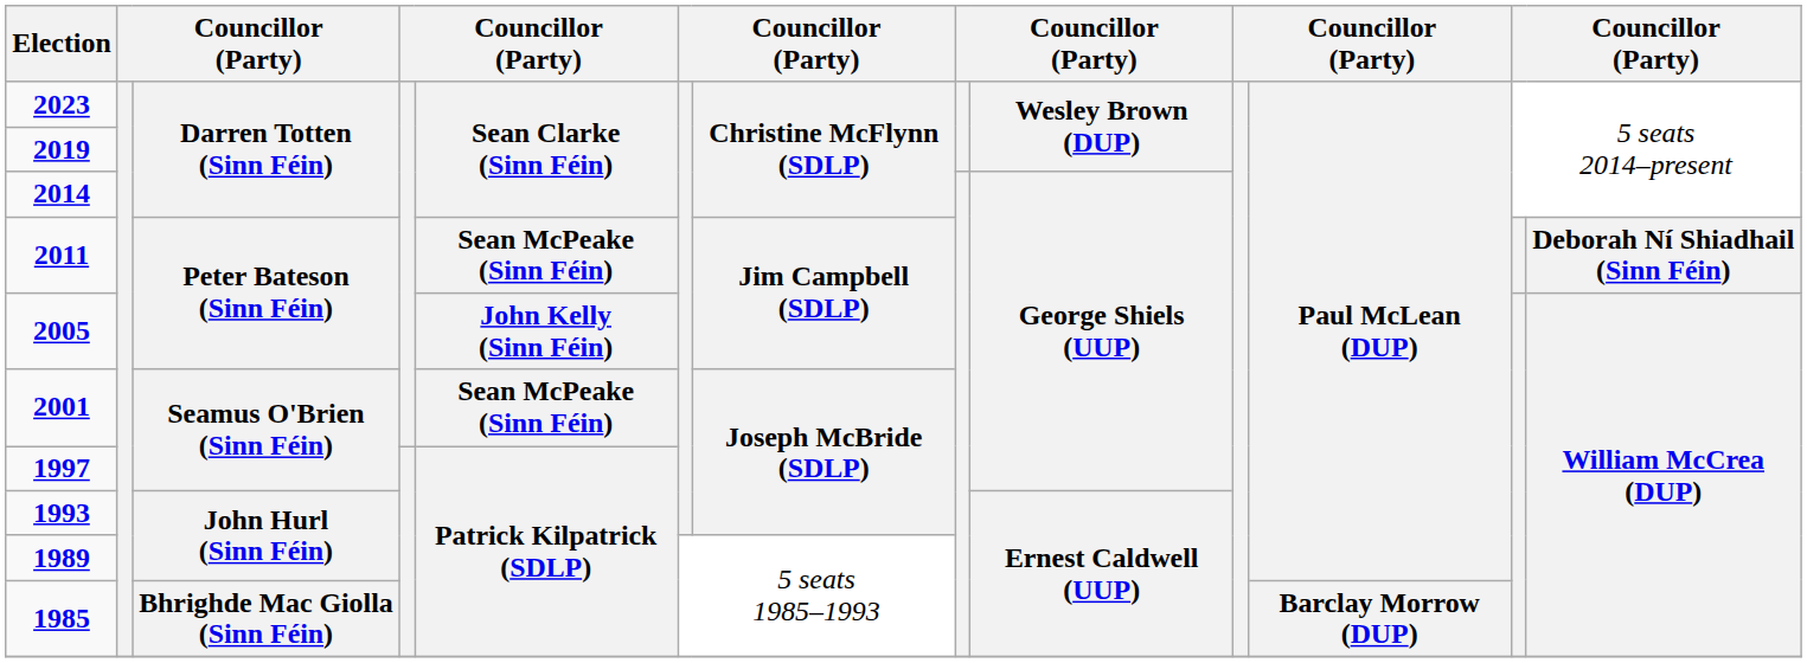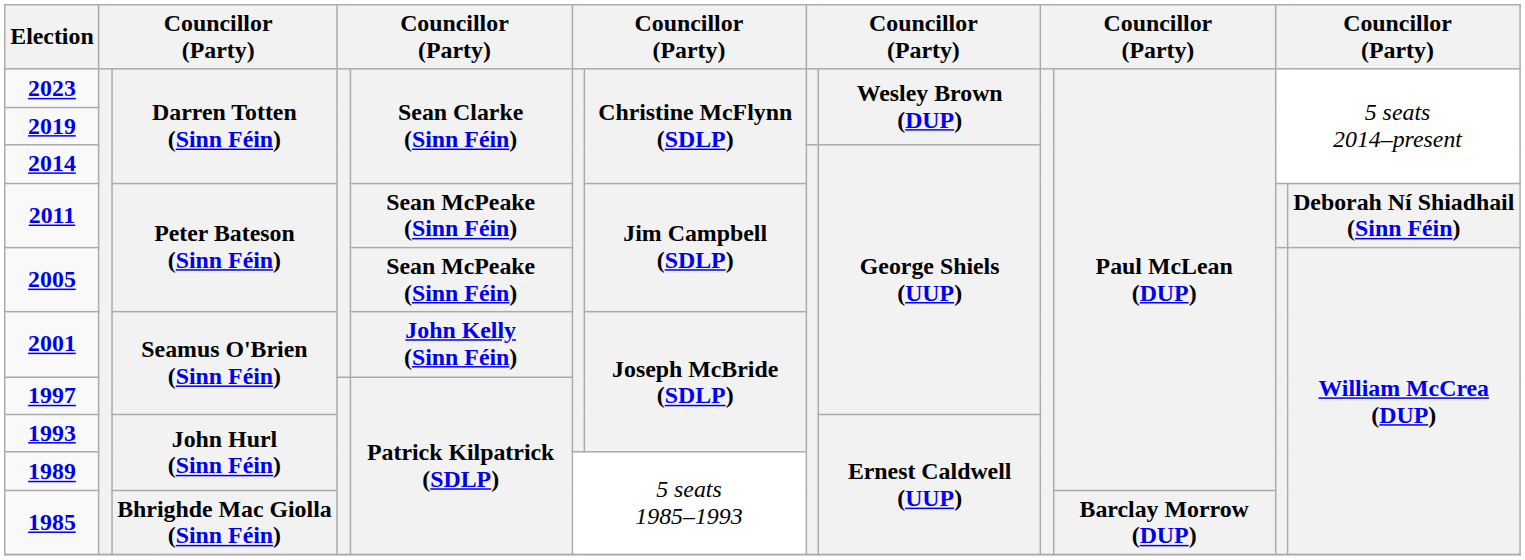 <table class="wikitable" style="text-align:center">
 <tr>
 <th scope="col" width="50">Election</th>
 <th scope="col" width="150" colspan = "2">Councillor<br> (Party)</th>
 <th scope="col" width="150" colspan = "2">Councillor<br> (Party)</th>
 <th scope="col" width="150" colspan = "2">Councillor<br> (Party)</th>
 <th scope="col" width="150" colspan = "2">Councillor<br> (Party)</th>
 <th scope="col" width="150" colspan = "2">Councillor<br> (Party)</th>
 <th scope="col" width="150" colspan = "2">Councillor<br> (Party)</th>
 </tr>
 <tr>
 <td><strong><a href='#'>2023</a></strong></td>
 <th rowspan="10" width="1" style="background-color: "></th>
 <th rowspan = "3">Darren Totten <br> (<a href='#'>Sinn Féin</a>)</th>
 <th rowspan="6" width="1" style="background-color: "></th>
 <th rowspan = "3">Sean Clarke <br> (<a href='#'>Sinn Féin</a>)</th>
 <th rowspan="8" width="1" style="background-color: "></th>
 <th rowspan = "3">Christine McFlynn <br> (<a href='#'>SDLP</a>)</th>
 <th rowspan="2" width="1" style="background-color: "></th>
 <th rowspan = "2">Wesley Brown <br> (<a href='#'>DUP</a>)</th>
 <th rowspan="10" width="1" style="background-color: "></th>
 <th rowspan = "9">Paul McLean <br> (<a href='#'>DUP</a>)</th>
 <td colspan="2" rowspan="3" style="background-color:#FFFFFF"><em>5 seats<br>2014–present</em></td>
 </tr>
 <tr>
 <td><strong><a href='#'>2019</a></strong></td>
 </tr>
 <tr>
 <td><strong><a href='#'>2014</a></strong></td>
 <th rowspan="8" width="1" style="background-color: "></th>
 <th rowspan = "5">George Shiels <br> (<a href='#'>UUP</a>)</th>
 </tr>
 <tr>
 <td><strong><a href='#'>2011</a></strong></td>
 <th rowspan = "2">Peter Bateson <br> (<a href='#'>Sinn Féin</a>)</th>
 <th rowspan = "1">Sean McPeake <br> (<a href='#'>Sinn Féin</a>)</th>
 <th rowspan = "2">Jim Campbell <br> (<a href='#'>SDLP</a>)</th>
 <th rowspan="1" width="1" style="background-color: "></th>
 <th rowspan = "1">Deborah Ní Shiadhail <br> (<a href='#'>Sinn Féin</a>)</th>
 </tr>
 <tr>
 <td><strong><a href='#'>2005</a></strong></td>
-<th rowspan = "1"><a href='#'>John Kelly</a> <br> (<a href='#'>Sinn Féin</a>)</th>
+<th rowspan = "1">Sean McPeake <br> (<a href='#'>Sinn Féin</a>)</th>
 <th rowspan="6" width="1" style="background-color: "></th>
 <th rowspan = "6"><a href='#'>William McCrea</a> <br> (<a href='#'>DUP</a>)</th>
 </tr>
 <tr>
 <td><strong><a href='#'>2001</a></strong></td>
 <th rowspan = "2">Seamus O'Brien <br> (<a href='#'>Sinn Féin</a>)</th>
-<th rowspan = "1">Sean McPeake <br> (<a href='#'>Sinn Féin</a>)</th>
+<th rowspan = "1"><a href='#'>John Kelly</a> <br> (<a href='#'>Sinn Féin</a>)</th>
 <th rowspan = "3">Joseph McBride <br> (<a href='#'>SDLP</a>)</th>
 </tr>
 <tr>
 <td><strong><a href='#'>1997</a></strong></td>
 <th rowspan="4" width="1" style="background-color: "></th>
 <th rowspan = "4">Patrick Kilpatrick <br> (<a href='#'>SDLP</a>)</th>
 </tr>
 <tr>
 <td><strong><a href='#'>1993</a></strong></td>
 <th rowspan = "2">John Hurl <br> (<a href='#'>Sinn Féin</a>)</th>
 <th rowspan = "3">Ernest Caldwell <br> (<a href='#'>UUP</a>)</th>
 </tr>
 <tr>
 <td><strong><a href='#'>1989</a></strong></td>
 <td colspan="2" rowspan="2" style="background-color:#FFFFFF"><em>5 seats<br>1985–1993</em></td>
 </tr>
 <tr>
 <td><strong><a href='#'>1985</a></strong></td>
 <th rowspan = "1">Bhrighde Mac Giolla <br> (<a href='#'>Sinn Féin</a>)</th>
 <th rowspan = "1">Barclay Morrow <br> (<a href='#'>DUP</a>)</th>
 </tr>
 <tr>
 </tr>
 </table>
